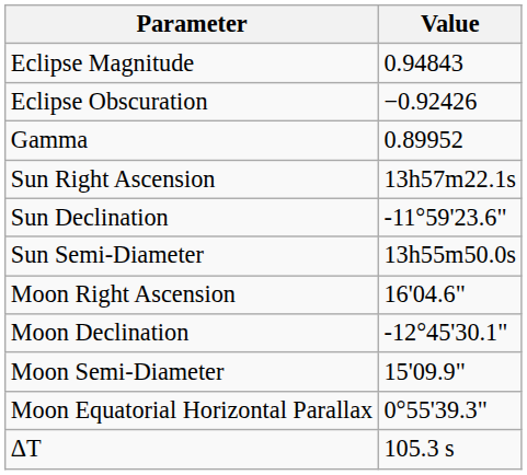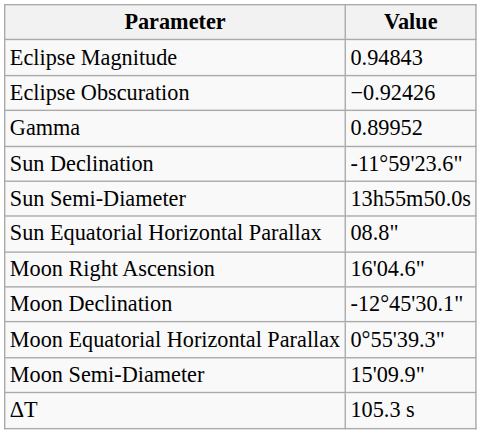 <table class="wikitable">
 <tr>
 <th>Parameter</th>
 <th>Value</th>
 </tr>
 <tr>
 <td>Eclipse Magnitude</td>
 <td>0.94843</td>
 </tr>
 <tr>
 <td>Eclipse Obscuration</td>
 <td>−0.92426</td>
 </tr>
 <tr>
 <td>Gamma</td>
 <td>0.89952</td>
 </tr>
 <tr>
-<td>Sun Right Ascension</td>
-<td>13h57m22.1s</td>
-</tr>
-<tr>
 <td>Sun Declination</td>
 <td>-11°59'23.6"</td>
 </tr>
 <tr>
 <td>Sun Semi-Diameter</td>
 <td>13h55m50.0s</td>
+</tr>
+<tr>
+<td>Sun Equatorial Horizontal Parallax</td>
+<td>08.8"</td>
 </tr>
 <tr>
 <td>Moon Right Ascension</td>
 <td>16'04.6"</td>
 </tr>
 <tr>
 <td>Moon Declination</td>
 <td>-12°45'30.1"</td>
 </tr>
 <tr>
+<td>Moon Equatorial Horizontal Parallax</td>
+<td>0°55'39.3"</td>
+</tr>
+<tr>
 <td>Moon Semi-Diameter</td>
 <td>15'09.9"</td>
-</tr>
-<tr>
-<td>Moon Equatorial Horizontal Parallax</td>
-<td>0°55'39.3"</td>
 </tr>
 <tr>
 <td>ΔT</td>
 <td>105.3 s</td>
 </tr>
 </table>
